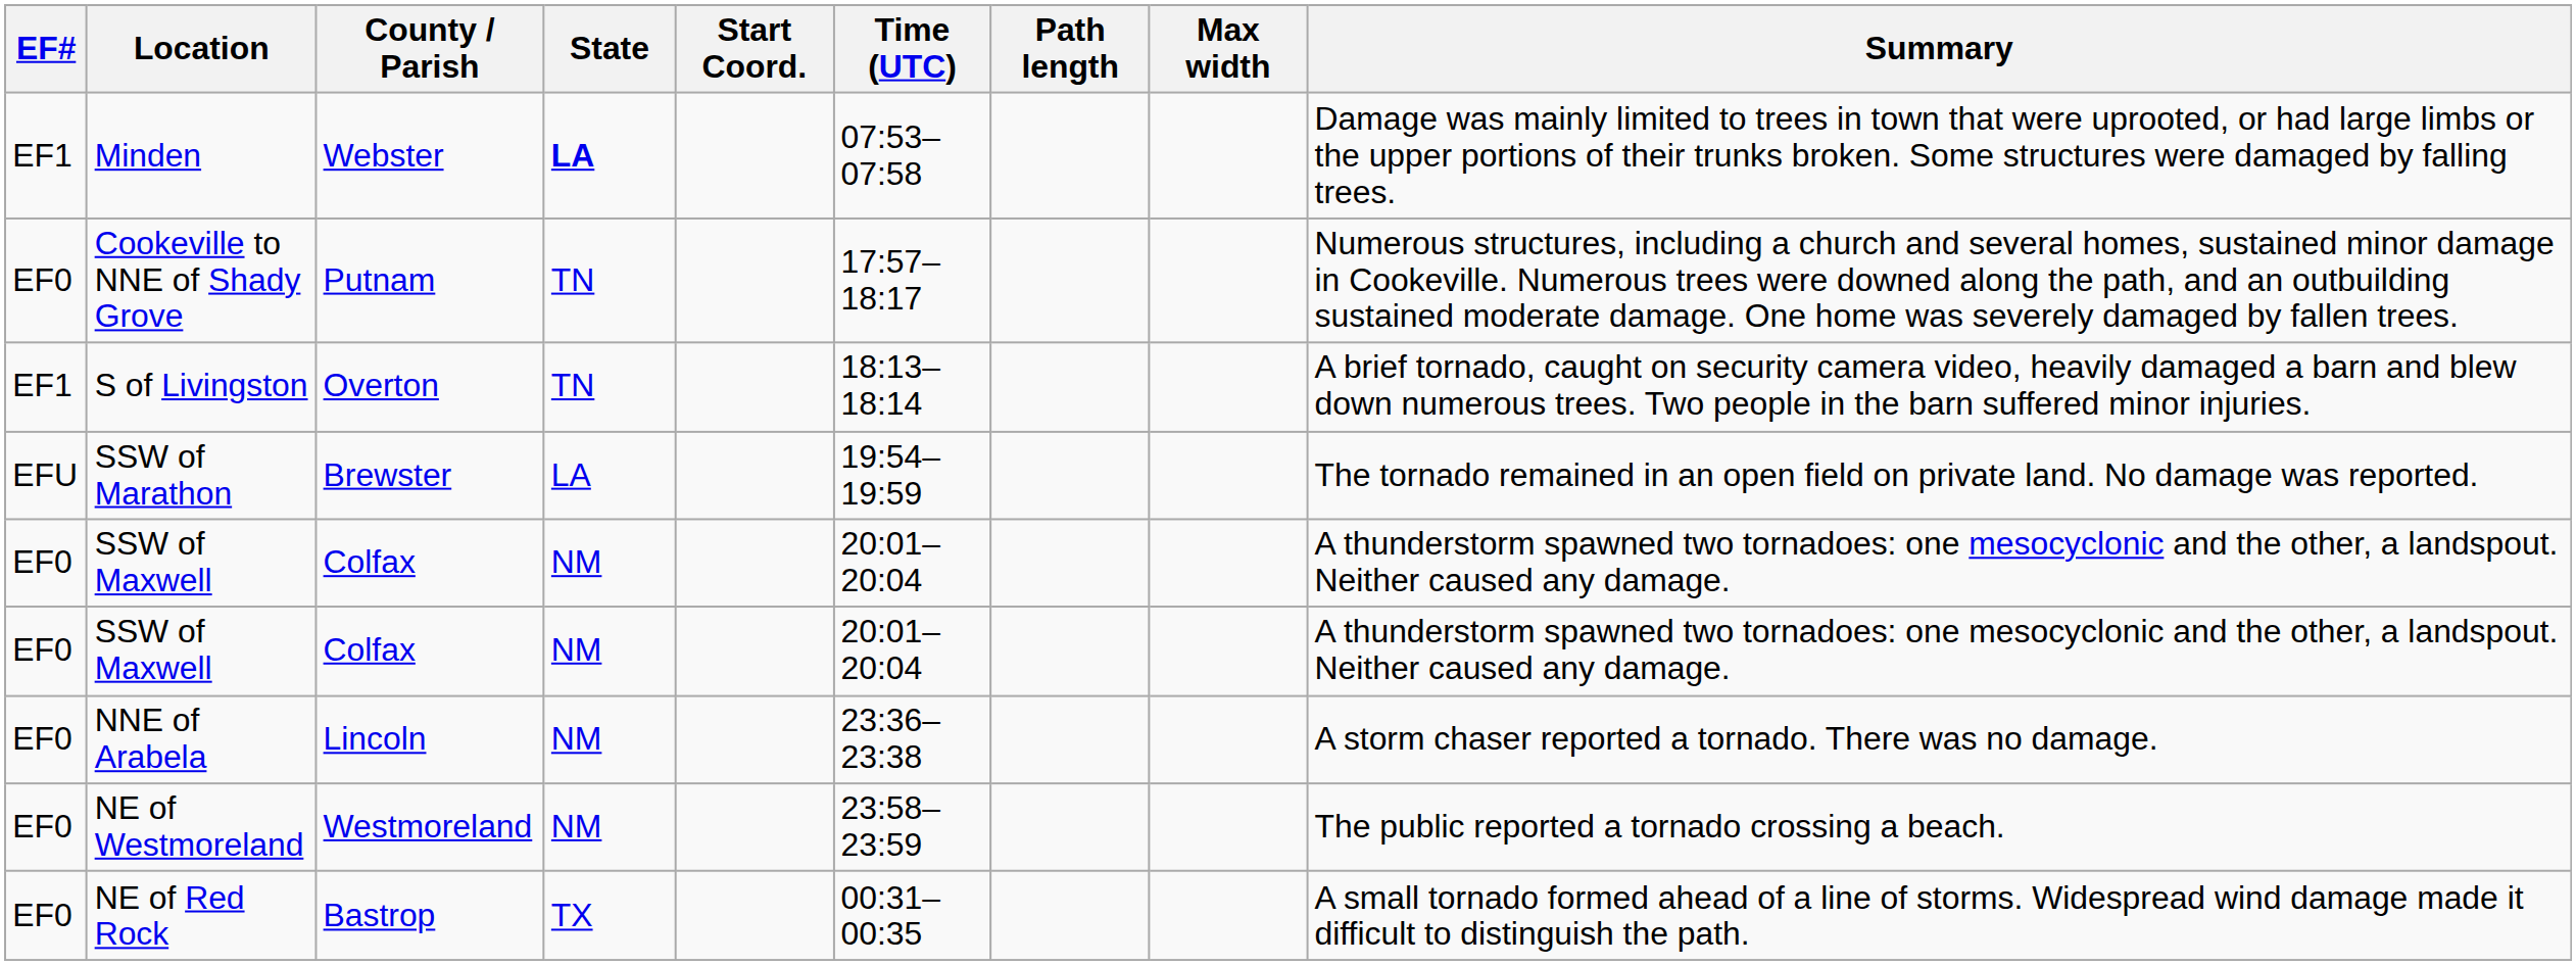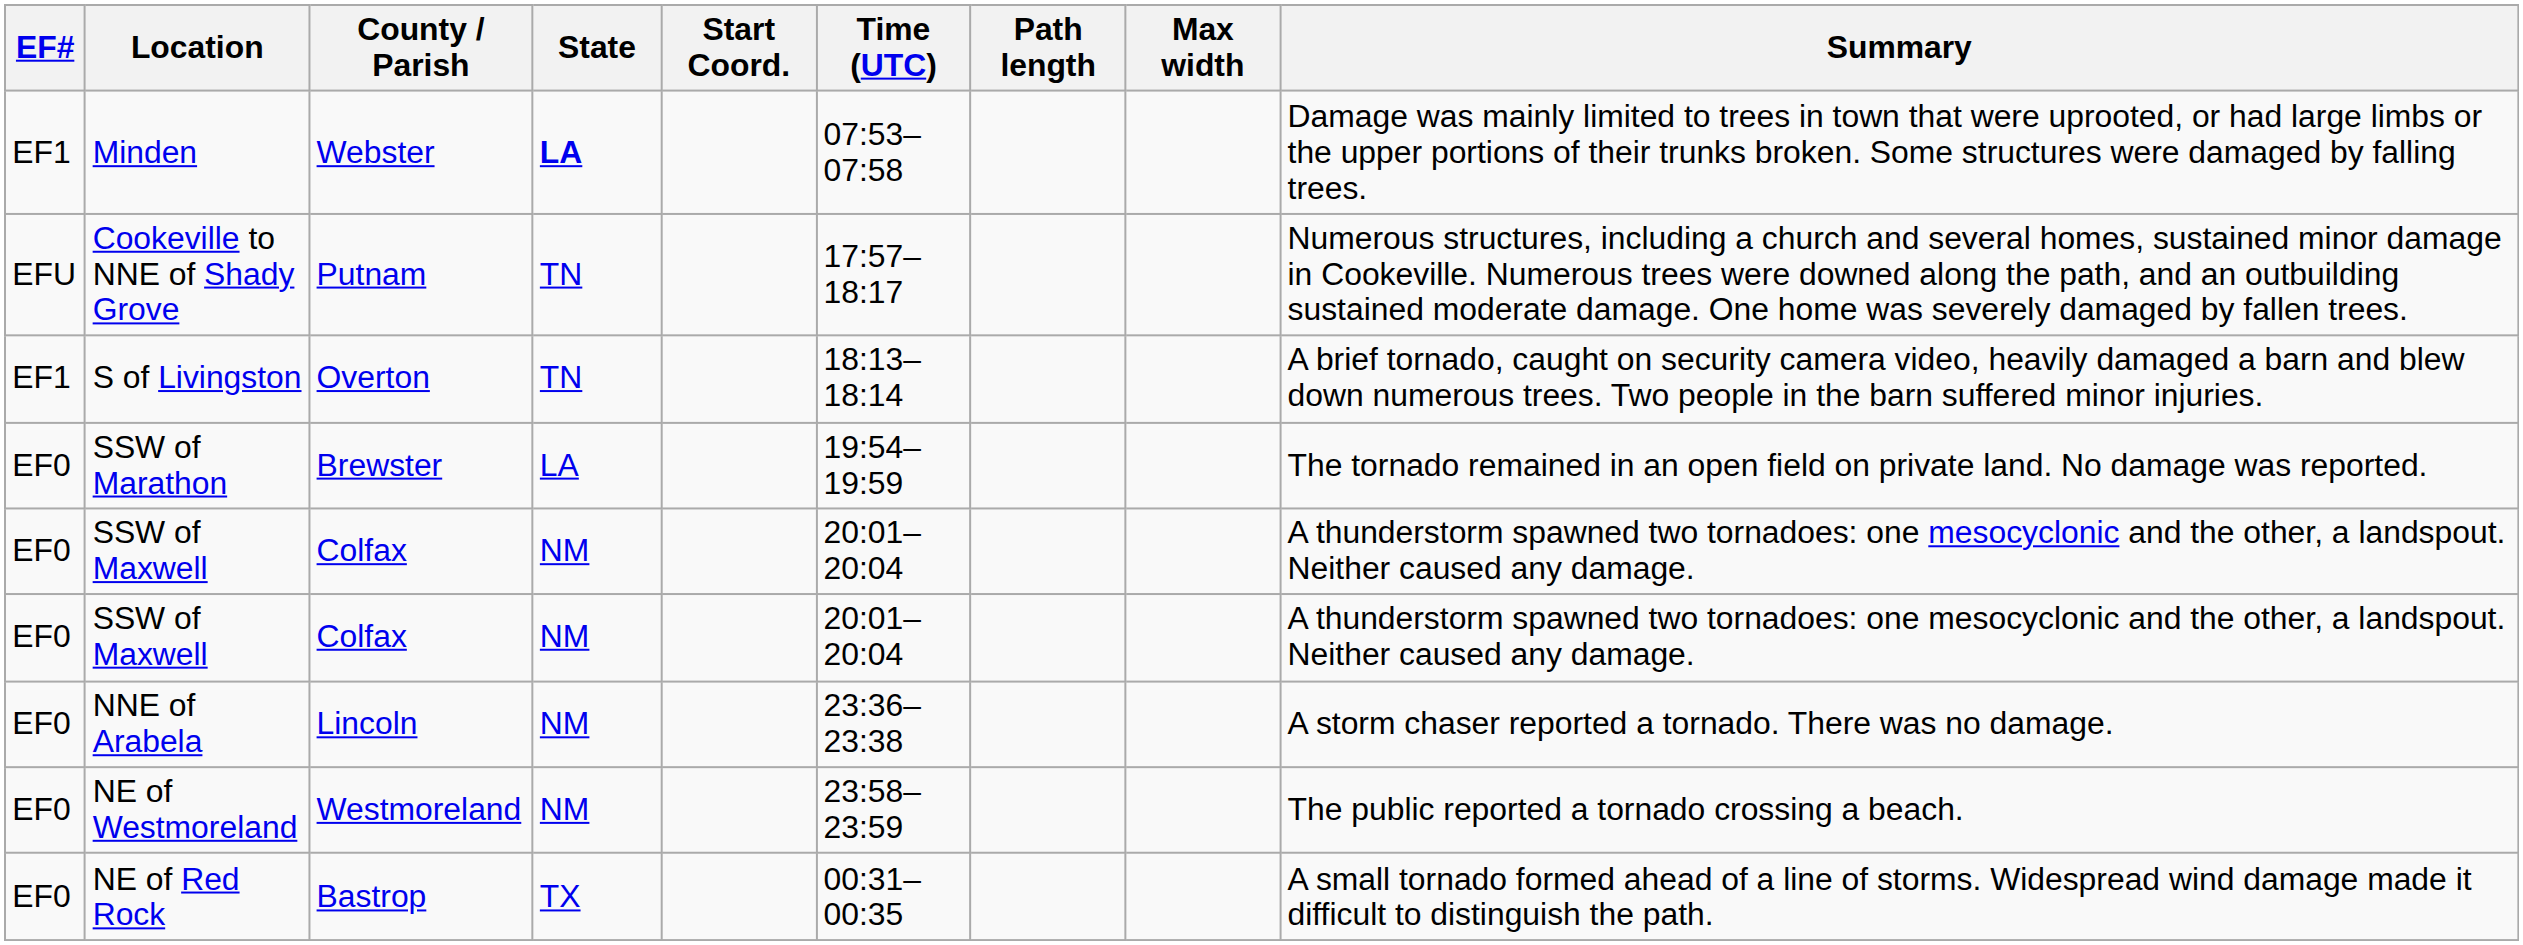 <table class="wikitable sortable" style="width:100%;">
 <tr>
 <th scope="col"  style="width:3%; text-align:center;"><a href='#'>EF#</a></th>
 <th scope="col"  style="width:7%; text-align:center;" class="unsortable">Location</th>
 <th scope="col"  style="width:6%; text-align:center;" class="unsortable">County / Parish</th>
 <th scope="col"  style="width:5%; text-align:center;">State</th>
 <th scope="col"  style="width:6%; text-align:center;">Start Coord.</th>
 <th scope="col"  style="width:6%; text-align:center;">Time (<a href='#'>UTC</a>)</th>
 <th scope="col"  style="width:6%; text-align:center;">Path length</th>
 <th scope="col"  style="width:6%; text-align:center;">Max width</th>
 <th scope="col" class="unsortable" style="width:48%; text-align:center;">Summary</th>
 </tr>
 <tr>
 <td>EF1</td>
 <td><a href='#'>Minden</a></td>
 <td><a href='#'>Webster</a></td>
 <td><strong><a href='#'>LA</a></strong></td>
 <td></td>
 <td>07:53–07:58</td>
 <td></td>
 <td></td>
 <td>Damage was mainly limited to trees in town that were uprooted, or had large limbs or the upper portions of their trunks broken. Some structures were damaged by falling trees.</td>
 </tr>
 <tr>
-<td>EF0</td>
+<td>EFU</td>
 <td><a href='#'>Cookeville</a> to NNE of <a href='#'>Shady Grove</a></td>
 <td><a href='#'>Putnam</a></td>
 <td><a href='#'>TN</a></td>
 <td></td>
 <td>17:57–18:17</td>
 <td></td>
 <td></td>
 <td>Numerous structures, including a church and several homes, sustained minor damage in Cookeville. Numerous trees were downed along the path, and an outbuilding sustained moderate damage. One home was severely damaged by fallen trees.</td>
 </tr>
 <tr>
 <td>EF1</td>
 <td>S of <a href='#'>Livingston</a></td>
 <td><a href='#'>Overton</a></td>
 <td><a href='#'>TN</a></td>
 <td></td>
 <td>18:13–18:14</td>
 <td></td>
 <td></td>
 <td>A brief tornado, caught on security camera video, heavily damaged a barn and blew down numerous trees. Two people in the barn suffered minor injuries.</td>
 </tr>
 <tr>
-<td>EFU</td>
+<td>EF0</td>
 <td>SSW of <a href='#'>Marathon</a></td>
 <td><a href='#'>Brewster</a></td>
 <td><a href='#'>LA</a></td>
 <td></td>
 <td>19:54–19:59</td>
 <td></td>
 <td></td>
 <td>The tornado remained in an open field on private land. No damage was reported.</td>
 </tr>
 <tr>
 <td>EF0</td>
 <td>SSW of <a href='#'>Maxwell</a></td>
 <td><a href='#'>Colfax</a></td>
 <td><a href='#'>NM</a></td>
 <td></td>
 <td>20:01–20:04</td>
 <td></td>
 <td></td>
 <td>A thunderstorm spawned two tornadoes: one <a href='#'>mesocyclonic</a> and the other, a landspout. Neither caused any damage.</td>
 </tr>
 <tr>
 <td>EF0</td>
 <td>SSW of <a href='#'>Maxwell</a></td>
 <td><a href='#'>Colfax</a></td>
 <td><a href='#'>NM</a></td>
 <td></td>
 <td>20:01–20:04</td>
 <td></td>
 <td></td>
 <td>A thunderstorm spawned two tornadoes: one mesocyclonic and the other, a landspout. Neither caused any damage.</td>
 </tr>
 <tr>
 <td>EF0</td>
 <td>NNE of <a href='#'>Arabela</a></td>
 <td><a href='#'>Lincoln</a></td>
 <td><a href='#'>NM</a></td>
 <td></td>
 <td>23:36–23:38</td>
 <td></td>
 <td></td>
 <td>A storm chaser reported a tornado. There was no damage.</td>
 </tr>
 <tr>
 <td>EF0</td>
 <td>NE of <a href='#'>Westmoreland</a></td>
 <td><a href='#'>Westmoreland</a></td>
 <td><a href='#'>NM</a></td>
 <td></td>
 <td>23:58–23:59</td>
 <td></td>
 <td></td>
 <td>The public reported a tornado crossing a beach.</td>
 </tr>
 <tr>
 <td>EF0</td>
 <td>NE of <a href='#'>Red Rock</a></td>
 <td><a href='#'>Bastrop</a></td>
 <td><a href='#'>TX</a></td>
 <td></td>
 <td>00:31–00:35</td>
 <td></td>
 <td></td>
 <td>A small tornado formed ahead of a line of storms. Widespread wind damage made it difficult to distinguish the path.</td>
 </tr>
 <tr>
 </tr>
 </table>
